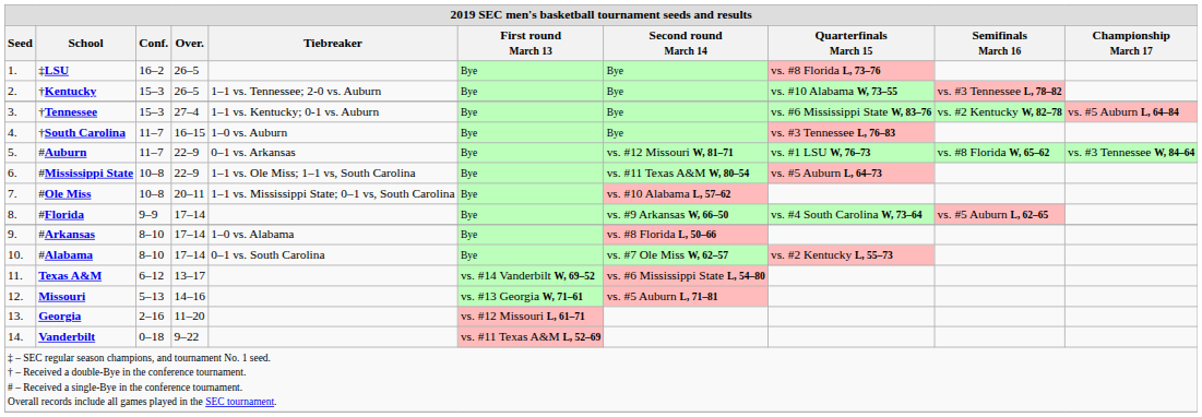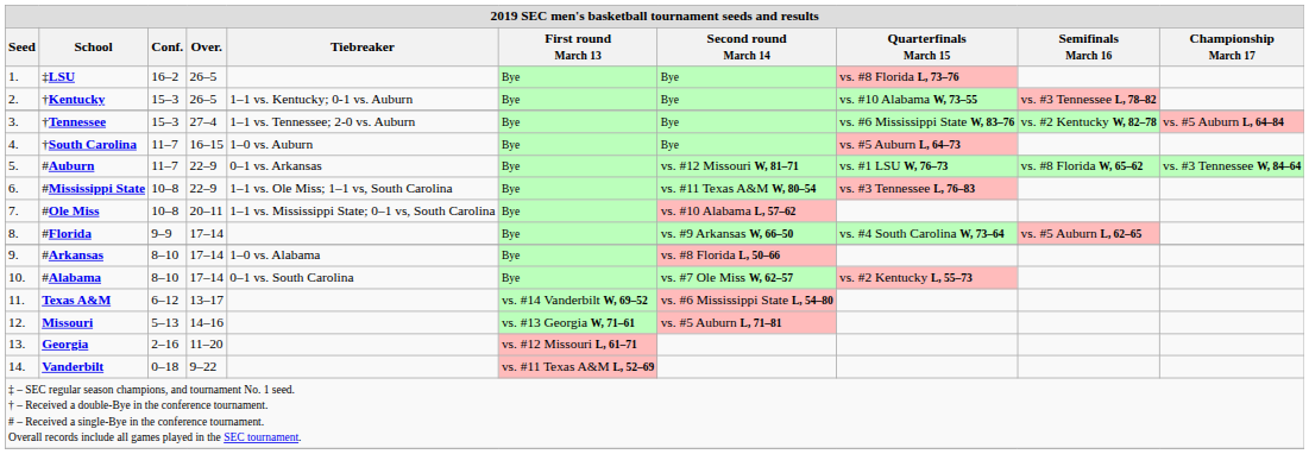 <table class="wikitable" style="white-space:nowrap; font-size:90%;">
 <tr>
 <td colspan="10" style="text-align:center; background:#DDDDDD; font:#000000"><strong>2019 SEC men's basketball tournament seeds and results</strong></td>
 </tr>
 <tr bgcolor="#efefef">
 <th>Seed</th>
 <th>School</th>
 <th>Conf.</th>
 <th>Over.</th>
 <th>Tiebreaker</th>
 <th>First round<br><small>March 13</small></th>
 <th>Second round<br><small>March 14</small></th>
 <th>Quarterfinals<br><small>March 15</small></th>
 <th>Semifinals<br><small>March 16</small></th>
 <th>Championship<br><small>March 17</small></th>
 </tr>
 <tr>
 <td>1.</td>
 <td>‡<strong><a href='#'>LSU</a></strong></td>
 <td>16–2</td>
 <td>26–5</td>
 <td></td>
 <td style="background:#bfb;"><small>Bye</small></td>
 <td style="background:#bfb;"><small>Bye</small></td>
 <td style="background:#fbb;">vs. #8 Florida <small><strong>L, 73–76</strong></small></td>
 <td></td>
 <td></td>
 </tr>
 <tr>
 <td>2.</td>
 <td>†<strong><a href='#'>Kentucky</a></strong></td>
 <td>15–3</td>
 <td>26–5</td>
-<td>1–1 vs. Tennessee; 2-0 vs. Auburn</td>
+<td>1–1 vs. Kentucky; 0-1 vs. Auburn</td>
 <td style="background:#bfb;"><small>Bye</small></td>
 <td style="background:#bfb;"><small>Bye</small></td>
 <td style="background:#bfb;">vs. #10 Alabama <small><strong>W, 73–55</strong></small></td>
 <td style="background:#fbb;">vs. #3 Tennessee <small><strong>L, 78–82</strong></small></td>
 <td></td>
 </tr>
 <tr>
 </tr>
 <tr>
 <td>3.</td>
 <td>†<strong><a href='#'>Tennessee</a></strong></td>
 <td>15–3</td>
 <td>27–4</td>
-<td>1–1 vs. Kentucky; 0-1 vs. Auburn</td>
+<td>1–1 vs. Tennessee; 2-0 vs. Auburn</td>
 <td style="background:#bfb;"><small>Bye</small></td>
 <td style="background:#bfb;"><small>Bye</small></td>
 <td style="background:#bfb;">vs. #6 Mississippi State <small><strong>W, 83–76</strong></small></td>
 <td style="background:#bfb;">vs. #2 Kentucky <small><strong>W, 82–78</strong></small></td>
 <td style="background:#fbb;">vs. #5 Auburn <small><strong>L, 64–84</strong></small></td>
 </tr>
 <tr>
 <td>4.</td>
 <td>†<strong><a href='#'>South Carolina</a></strong></td>
 <td>11–7</td>
 <td>16–15</td>
 <td>1–0 vs. Auburn</td>
 <td style="background:#bfb;"><small>Bye</small></td>
 <td style="background:#bfb;"><small>Bye</small></td>
-<td style="background:#fbb;">vs. #3 Tennessee <small><strong>L, 76–83</strong></small></td>
+<td style="background:#fbb;">vs. #5 Auburn <small><strong>L, 64–73</strong></small></td>
 <td></td>
 <td></td>
 </tr>
 <tr>
 <td>5.</td>
 <td>#<strong><a href='#'>Auburn</a></strong></td>
 <td>11–7</td>
 <td>22–9</td>
 <td>0–1 vs. Arkansas</td>
 <td style="background:#bfb;"><small>Bye</small></td>
 <td style="background:#bfb;">vs. #12 Missouri <small><strong>W, 81–71</strong></small></td>
 <td style="background:#bfb;">vs. #1 LSU <small><strong>W, 76–73</strong></small></td>
 <td style="background:#bfb;">vs. #8 Florida <small><strong>W, 65–62</strong></small></td>
 <td style="background:#bfb;">vs. #3 Tennessee <small><strong>W, 84–64</strong></small></td>
 </tr>
 <tr>
 <td>6.</td>
 <td>#<strong><a href='#'>Mississippi State</a></strong></td>
 <td>10–8</td>
 <td>22–9</td>
 <td>1–1 vs. Ole Miss; 1–1 vs, South Carolina</td>
 <td style="background:#bfb;"><small>Bye</small></td>
 <td style="background:#bfb;">vs. #11 Texas A&M <small><strong>W, 80–54</strong></small></td>
-<td style="background:#fbb;">vs. #5 Auburn <small><strong>L, 64–73</strong></small></td>
+<td style="background:#fbb;">vs. #3 Tennessee <small><strong>L, 76–83</strong></small></td>
 <td></td>
 <td></td>
 </tr>
 <tr>
 <td>7.</td>
 <td>#<strong><a href='#'>Ole Miss</a></strong></td>
 <td>10–8</td>
 <td>20–11</td>
 <td>1–1 vs. Mississippi State; 0–1 vs, South Carolina</td>
 <td style="background:#bfb;"><small>Bye</small></td>
 <td style="background:#fbb;">vs. #10 Alabama <small><strong>L, 57–62</strong></small></td>
 <td></td>
 <td></td>
 <td></td>
 </tr>
 <tr>
 <td>8.</td>
 <td>#<strong><a href='#'>Florida</a></strong></td>
 <td>9–9</td>
 <td>17–14</td>
 <td></td>
 <td style="background:#bfb;"><small>Bye</small></td>
 <td style="background:#bfb;">vs. #9 Arkansas <small><strong>W, 66–50</strong></small></td>
 <td style="background:#bfb;">vs. #4 South Carolina <small><strong>W, 73–64</strong></small></td>
 <td style="background:#fbb;">vs. #5 Auburn <small><strong>L, 62–65</strong></small></td>
 <td></td>
 </tr>
 <tr>
 </tr>
 <tr>
 <td>9.</td>
 <td>#<strong><a href='#'>Arkansas</a></strong></td>
 <td>8–10</td>
 <td>17–14</td>
 <td>1–0 vs. Alabama</td>
 <td style="background:#bfb;"><small>Bye</small></td>
 <td style="background:#fbb;">vs. #8 Florida <small><strong>L, 50–66</strong></small></td>
 <td></td>
 <td></td>
 <td></td>
 </tr>
 <tr>
 <td>10.</td>
 <td>#<strong><a href='#'>Alabama</a></strong></td>
 <td>8–10</td>
 <td>17–14</td>
 <td>0–1 vs. South Carolina</td>
 <td style="background:#bfb;"><small>Bye</small></td>
 <td style="background:#bfb;">vs. #7 Ole Miss <small><strong>W, 62–57</strong></small></td>
 <td style="background:#fbb;">vs. #2 Kentucky <small><strong>L, 55–73</strong></small></td>
 <td></td>
 <td></td>
 </tr>
 <tr>
 <td>11.</td>
 <td><strong><a href='#'>Texas A&M</a></strong></td>
 <td>6–12</td>
 <td>13–17</td>
 <td></td>
 <td style="background:#bfb;">vs. #14 Vanderbilt <small><strong>W, 69–52</strong></small></td>
 <td style="background:#fbb;">vs. #6 Mississippi State <small><strong>L, 54–80</strong></small></td>
 <td></td>
 <td></td>
 <td></td>
 </tr>
 <tr>
 <td>12.</td>
 <td><strong><a href='#'>Missouri</a></strong></td>
 <td>5–13</td>
 <td>14–16</td>
 <td></td>
 <td style="background:#bfb;">vs. #13 Georgia <small><strong>W, 71–61</strong></small></td>
 <td style="background:#fbb;">vs. #5 Auburn <small><strong>L, 71–81</strong></small></td>
 <td></td>
 <td></td>
 <td></td>
 </tr>
 <tr>
 <td>13.</td>
 <td><strong><a href='#'>Georgia</a></strong></td>
 <td>2–16</td>
 <td>11–20</td>
 <td></td>
 <td style="background:#fbb;">vs. #12 Missouri <small><strong>L, 61–71</strong></small></td>
 <td></td>
 <td></td>
 <td></td>
 <td></td>
 </tr>
 <tr>
 <td>14.</td>
 <td><strong><a href='#'>Vanderbilt</a></strong></td>
 <td>0–18</td>
 <td>9–22</td>
 <td></td>
 <td style="background:#fbb;">vs. #11 Texas A&M <small><strong>L, 52–69</strong></small></td>
 <td></td>
 <td></td>
 <td></td>
 <td></td>
 </tr>
 <tr>
 <td colspan="10" style="text-align:left;"><small>‡ – SEC regular season champions, and tournament No. 1 seed.<br>† – Received a double-Bye in the conference tournament.<br># – Received a single-Bye in the conference tournament.<br>Overall records include all games played in the <a href='#'>SEC tournament</a>.</small></td>
 </tr>
 <tr>
 </tr>
 </table>
